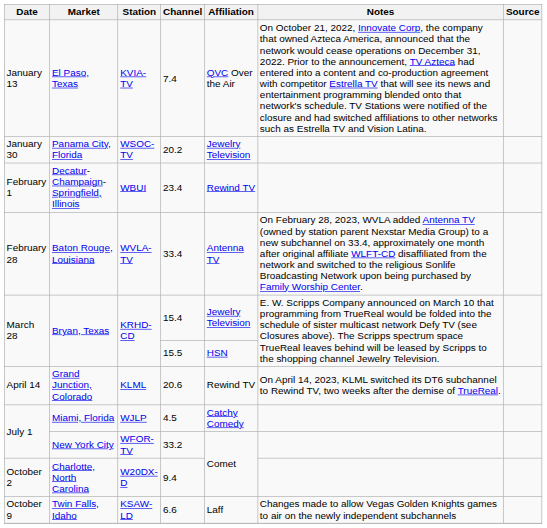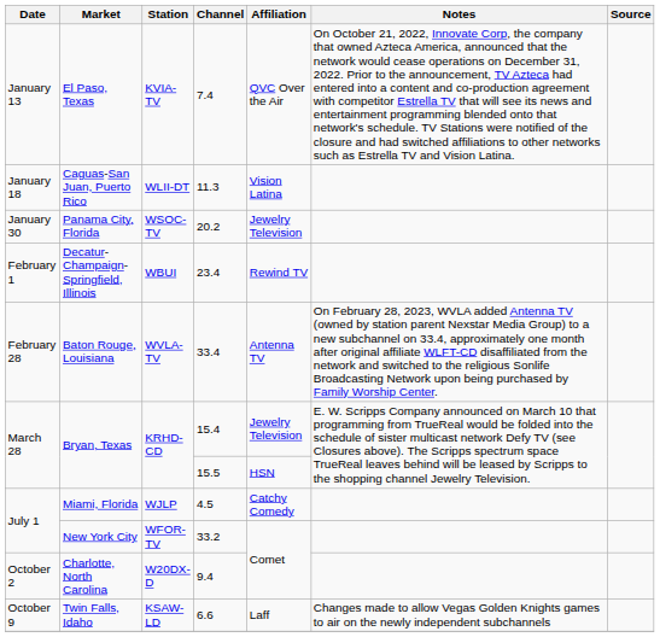 <table class="wikitable">
 <tr>
 <th>Date</th>
 <th>Market</th>
 <th>Station</th>
 <th>Channel</th>
 <th>Affiliation</th>
 <th>Notes</th>
 <th>Source</th>
 </tr>
 <tr>
 <td>January 13</td>
 <td><a href='#'>El Paso, Texas</a></td>
 <td><a href='#'>KVIA-TV</a></td>
 <td>7.4</td>
 <td><a href='#'>QVC</a> Over the Air</td>
 <td>On October 21, 2022, <a href='#'>Innovate Corp</a>, the company that owned Azteca America, announced that the network would cease operations on December 31, 2022. Prior to the announcement, <a href='#'>TV Azteca</a> had entered into a content and co-production agreement with competitor <a href='#'>Estrella TV</a> that will see its news and entertainment programming blended onto that network's schedule. TV Stations were notified of the closure and had switched affiliations to other networks such as Estrella TV and Vision Latina.</td>
+<td></td>
+</tr>
+<tr>
+<td>January 18</td>
+<td><a href='#'>Caguas</a>-<a href='#'>San Juan, Puerto Rico</a></td>
+<td><a href='#'>WLII-DT</a></td>
+<td>11.3</td>
+<td><a href='#'>Vision Latina</a></td>
+<td></td>
 <td></td>
 </tr>
 <tr>
 <td>January 30</td>
 <td><a href='#'>Panama City, Florida</a></td>
 <td><a href='#'>WSOC-TV</a></td>
 <td>20.2</td>
 <td><a href='#'>Jewelry Television</a></td>
 <td></td>
 <td></td>
 </tr>
 <tr>
 <td>February 1</td>
 <td><a href='#'>Decatur</a>-<a href='#'>Champaign</a>-<a href='#'>Springfield, Illinois</a></td>
 <td><a href='#'>WBUI</a></td>
 <td>23.4</td>
 <td><a href='#'>Rewind TV</a></td>
 <td></td>
 <td></td>
 </tr>
 <tr>
 <td>February 28</td>
 <td><a href='#'>Baton Rouge, Louisiana</a></td>
 <td><a href='#'>WVLA-TV</a></td>
 <td>33.4</td>
 <td><a href='#'>Antenna TV</a></td>
 <td>On February 28, 2023, WVLA added <a href='#'>Antenna TV</a> (owned by station parent Nexstar Media Group) to a new subchannel on 33.4, approximately one month after original affiliate <a href='#'>WLFT-CD</a> disaffiliated from the network and switched to the religious Sonlife Broadcasting Network upon being purchased by <a href='#'>Family Worship Center</a>.</td>
 <td></td>
 </tr>
 <tr>
 <td rowspan="2">March 28</td>
 <td rowspan="2"><a href='#'>Bryan, Texas</a></td>
 <td rowspan="2"><a href='#'>KRHD-CD</a></td>
 <td>15.4</td>
 <td><a href='#'>Jewelry Television</a></td>
 <td rowspan="2">E. W. Scripps Company announced on March 10 that programming from TrueReal would be folded into the schedule of sister multicast network Defy TV (see Closures above). The Scripps spectrum space TrueReal leaves behind will be leased by Scripps to the shopping channel Jewelry Television.</td>
 <td rowspan="2'"></td>
 </tr>
 <tr>
 <td>15.5</td>
 <td><a href='#'>HSN</a></td>
 </tr>
 <tr>
-<td>April 14</td>
-<td><a href='#'>Grand Junction, Colorado</a></td>
-<td><a href='#'>KLML</a></td>
-<td>20.6</td>
-<td>Rewind TV</td>
-<td>On April 14, 2023, KLML switched its DT6 subchannel to Rewind TV, two weeks after the demise of <a href='#'>TrueReal</a>.</td>
-<td></td>
-</tr>
-<tr>
 <td rowspan=2>July 1</td>
 <td><a href='#'>Miami, Florida</a></td>
 <td><a href='#'>WJLP</a></td>
 <td>4.5</td>
 <td><a href='#'>Catchy Comedy</a></td>
 <td></td>
 <td></td>
 </tr>
 <tr>
 <td><a href='#'>New York City</a></td>
 <td><a href='#'>WFOR-TV</a></td>
 <td>33.2</td>
 <td rowspan="2">Comet</td>
 <td></td>
 <td></td>
 </tr>
 <tr>
 <td>October 2</td>
 <td><a href='#'>Charlotte, North Carolina</a></td>
 <td><a href='#'>W20DX-D</a></td>
 <td>9.4</td>
 <td></td>
 <td></td>
 </tr>
 <tr>
 <td>October 9</td>
 <td><a href='#'>Twin Falls, Idaho</a></td>
 <td><a href='#'>KSAW-LD</a></td>
 <td>6.6</td>
 <td>Laff</td>
 <td>Changes made to allow Vegas Golden Knights games to air on the newly independent subchannels</td>
 <td></td>
 </tr>
 <tr>
 </tr>
 </table>
